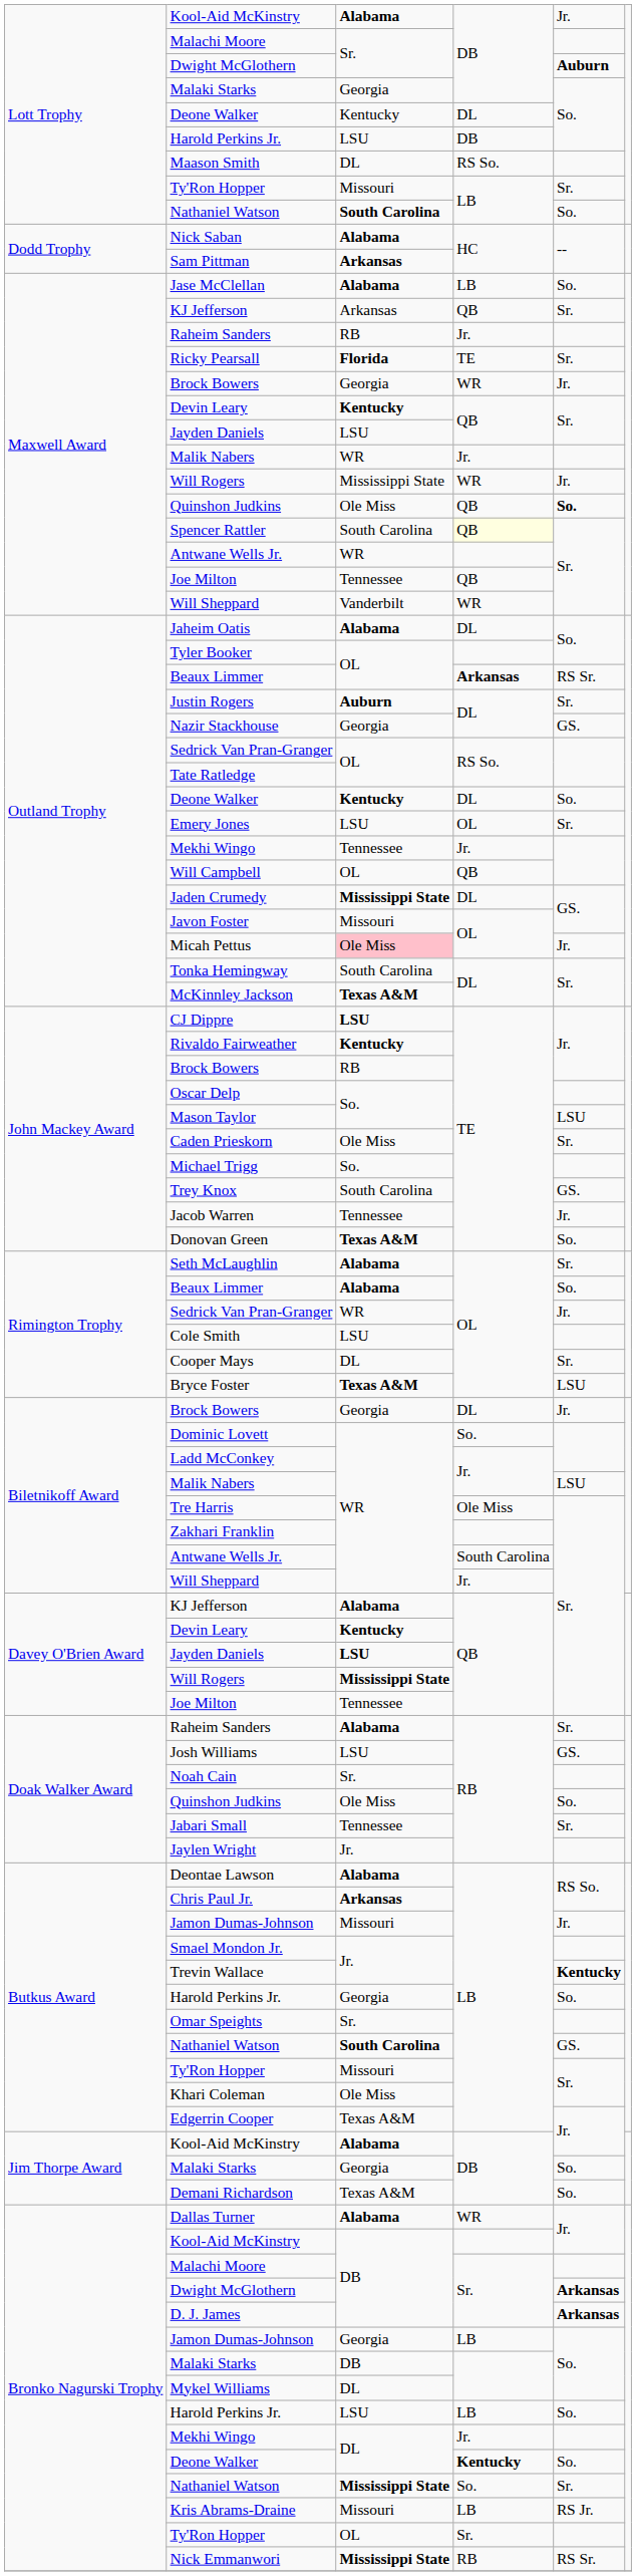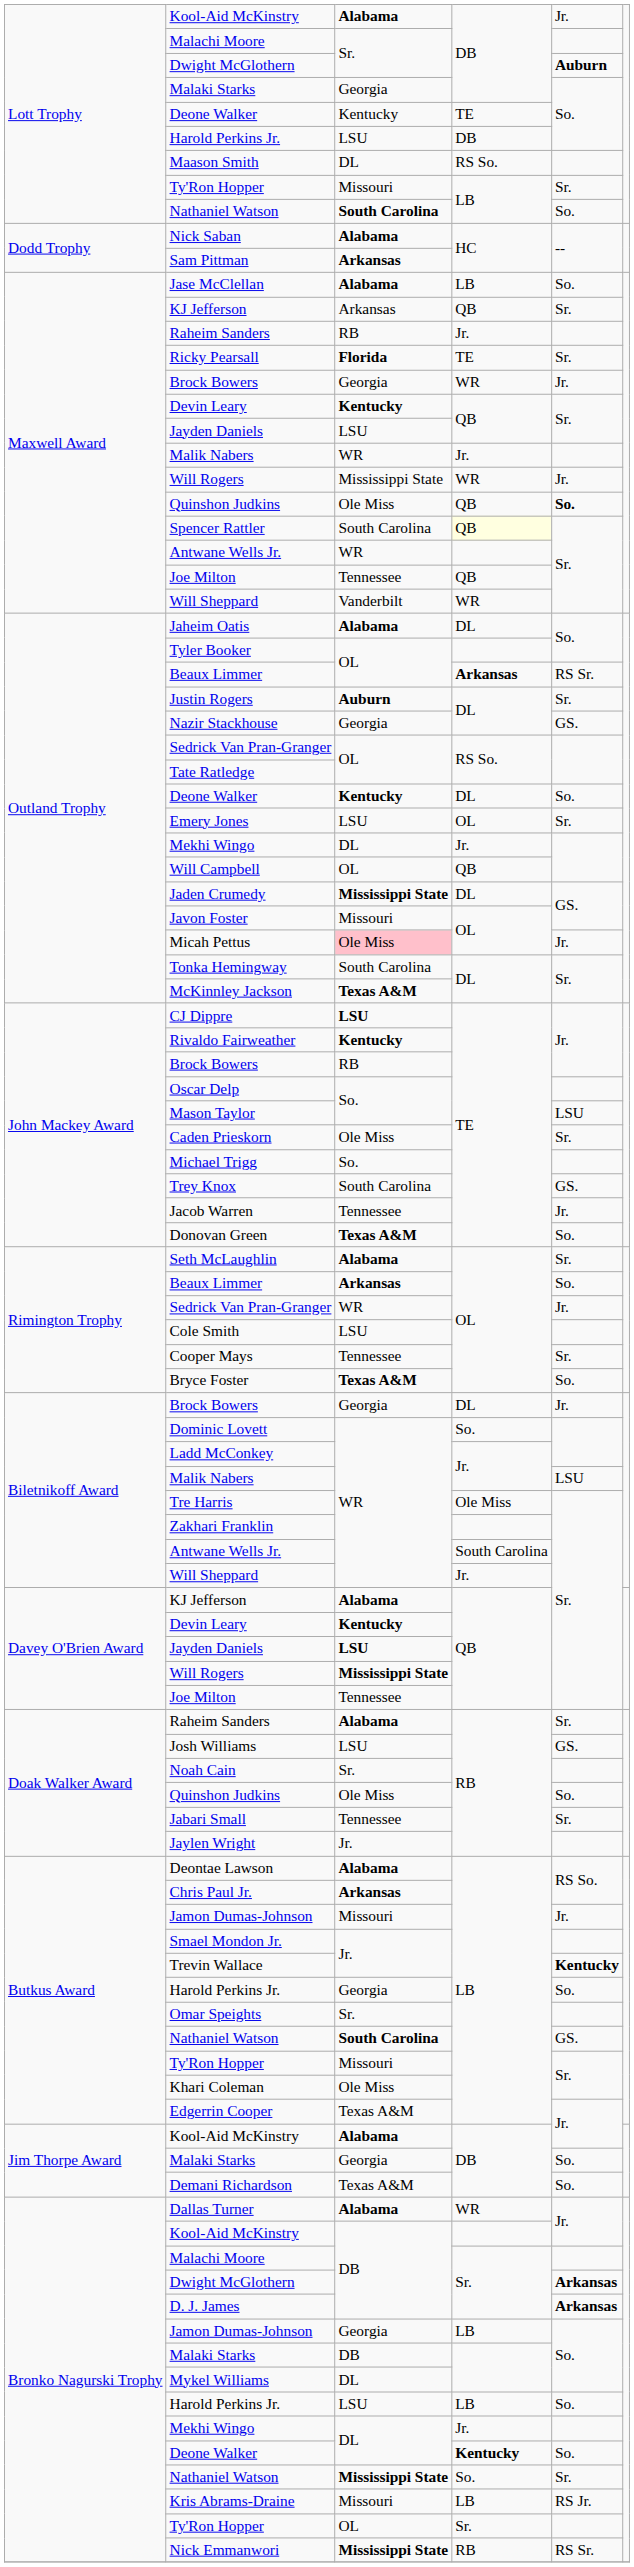 <table class="wikitable">
 <tr>
 <td rowspan=9><a href='#'>Lott Trophy</a></td>
 <td><a href='#'>Kool-Aid McKinstry</a></td>
 <td><strong>Alabama</strong></td>
 <td rowspan=4>DB</td>
 <td>Jr.</td>
 <td rowspan=9></td>
 </tr>
 <tr>
 <td><a href='#'>Malachi Moore</a></td>
 <td rowspan=2>Sr.</td>
 </tr>
 <tr>
 <td><a href='#'>Dwight McGlothern</a></td>
 <td><strong>Auburn</strong></td>
 </tr>
 <tr>
 <td><a href='#'>Malaki Starks</a></td>
 <td>Georgia</td>
 <td rowspan=3>So.</td>
 </tr>
 <tr>
 <td><a href='#'>Deone Walker</a></td>
 <td>Kentucky</td>
-<td>DL</td>
+<td>TE</td>
 </tr>
 <tr>
 <td><a href='#'>Harold Perkins Jr.</a></td>
 <td>LSU</td>
 <td>DB</td>
 </tr>
 <tr>
 <td><a href='#'>Maason Smith</a></td>
 <td>DL</td>
 <td>RS So.</td>
 </tr>
 <tr>
 <td><a href='#'>Ty'Ron Hopper</a></td>
 <td>Missouri</td>
 <td rowspan=2>LB</td>
 <td>Sr.</td>
 </tr>
 <tr>
 <td><a href='#'>Nathaniel Watson</a></td>
 <td><strong>South Carolina</strong></td>
 <td>So.</td>
 </tr>
 <tr>
 <td rowspan=2><a href='#'>Dodd Trophy</a></td>
 <td><a href='#'>Nick Saban</a></td>
 <td><strong>Alabama</strong></td>
 <td rowspan=2>HC</td>
 <td rowspan=2>--</td>
 <td rowspan=2></td>
 </tr>
 <tr>
 <td><a href='#'>Sam Pittman</a></td>
 <td><strong>Arkansas</strong></td>
 </tr>
 <tr>
 <td rowspan=14><a href='#'>Maxwell Award</a></td>
 <td><a href='#'>Jase McClellan</a></td>
 <td><strong>Alabama</strong></td>
 <td>LB</td>
 <td>So.</td>
 <td rowspan=14></td>
 </tr>
 <tr>
 <td><a href='#'>KJ Jefferson</a></td>
 <td>Arkansas</td>
 <td>QB</td>
 <td>Sr.</td>
 </tr>
 <tr>
 <td><a href='#'>Raheim Sanders</a></td>
 <td>RB</td>
 <td>Jr.</td>
 </tr>
 <tr>
 <td><a href='#'>Ricky Pearsall</a></td>
 <td><strong>Florida</strong></td>
 <td>TE</td>
 <td>Sr.</td>
 </tr>
 <tr>
 <td><a href='#'>Brock Bowers</a></td>
 <td>Georgia</td>
 <td>WR</td>
 <td>Jr.</td>
 </tr>
 <tr>
 <td><a href='#'>Devin Leary</a></td>
 <td><strong>Kentucky</strong></td>
 <td rowspan=2>QB</td>
 <td rowspan=2>Sr.</td>
 </tr>
 <tr>
 <td><a href='#'>Jayden Daniels</a></td>
 <td>LSU</td>
 </tr>
 <tr>
 <td><a href='#'>Malik Nabers</a></td>
 <td>WR</td>
 <td>Jr.</td>
 </tr>
 <tr>
 <td><a href='#'>Will Rogers</a></td>
 <td>Mississippi State</td>
 <td>WR</td>
 <td>Jr.</td>
 </tr>
 <tr>
 <td><a href='#'>Quinshon Judkins</a></td>
 <td>Ole Miss</td>
 <td>QB</td>
 <td><strong>So.</strong></td>
 </tr>
 <tr>
 <td><a href='#'>Spencer Rattler</a></td>
 <td>South Carolina</td>
 <td style="background: lightyellow;">QB</td>
 <td rowspan=4>Sr.</td>
 </tr>
 <tr>
 <td><a href='#'>Antwane Wells Jr.</a></td>
 <td>WR</td>
 </tr>
 <tr>
 <td><a href='#'>Joe Milton</a></td>
 <td>Tennessee</td>
 <td>QB</td>
 </tr>
 <tr>
 <td><a href='#'>Will Sheppard</a></td>
 <td>Vanderbilt</td>
 <td>WR</td>
 </tr>
 <tr>
 <td rowspan=16><a href='#'>Outland Trophy</a></td>
 <td><a href='#'>Jaheim Oatis</a></td>
 <td><strong>Alabama</strong></td>
 <td>DL</td>
 <td rowspan=2>So.</td>
 <td rowspan=16></td>
 </tr>
 <tr>
 <td><a href='#'>Tyler Booker</a></td>
 <td rowspan=2>OL</td>
 </tr>
 <tr>
 <td><a href='#'>Beaux Limmer</a></td>
 <td><strong>Arkansas</strong></td>
 <td>RS Sr.</td>
 </tr>
 <tr>
 <td><a href='#'>Justin Rogers</a></td>
 <td><strong>Auburn</strong></td>
 <td rowspan=2>DL</td>
 <td>Sr.</td>
 </tr>
 <tr>
 <td><a href='#'>Nazir Stackhouse</a></td>
 <td>Georgia</td>
 <td>GS.</td>
 </tr>
 <tr>
 <td><a href='#'>Sedrick Van Pran-Granger</a></td>
 <td rowspan=2>OL</td>
 <td rowspan=2>RS So.</td>
 </tr>
 <tr>
 <td><a href='#'>Tate Ratledge</a></td>
 </tr>
 <tr>
 <td><a href='#'>Deone Walker</a></td>
 <td><strong>Kentucky</strong></td>
 <td>DL</td>
 <td>So.</td>
 </tr>
 <tr>
 <td><a href='#'>Emery Jones</a></td>
 <td>LSU</td>
 <td>OL</td>
 <td>Sr.</td>
 </tr>
 <tr>
 <td><a href='#'>Mekhi Wingo</a></td>
-<td>Tennessee</td>
+<td>DL</td>
 <td>Jr.</td>
 </tr>
 <tr>
 <td><a href='#'>Will Campbell</a></td>
 <td>OL</td>
 <td>QB</td>
 </tr>
 <tr>
 <td><a href='#'>Jaden Crumedy</a></td>
 <td><strong>Mississippi State</strong></td>
 <td>DL</td>
 <td rowspan=2>GS.</td>
 </tr>
 <tr>
 <td><a href='#'>Javon Foster</a></td>
 <td>Missouri</td>
 <td rowspan=2>OL</td>
 </tr>
 <tr>
 <td>Micah Pettus</td>
 <td style="background: pink;">Ole Miss</td>
 <td>Jr.</td>
 </tr>
 <tr>
 <td><a href='#'>Tonka Hemingway</a></td>
 <td>South Carolina</td>
 <td rowspan=2>DL</td>
 <td rowspan=2>Sr.</td>
 </tr>
 <tr>
 <td><a href='#'>McKinnley Jackson</a></td>
 <td><strong>Texas A&M</strong></td>
 </tr>
 <tr>
 <td rowspan=10><a href='#'>John Mackey Award</a></td>
 <td><a href='#'>CJ Dippre</a></td>
 <td><strong>LSU</strong></td>
 <td rowspan=10>TE</td>
 <td rowspan=3>Jr.</td>
 <td rowspan=10></td>
 </tr>
 <tr>
 <td><a href='#'>Rivaldo Fairweather</a></td>
 <td><strong>Kentucky</strong></td>
 </tr>
 <tr>
 <td><a href='#'>Brock Bowers</a></td>
 <td>RB</td>
 </tr>
 <tr>
 <td><a href='#'>Oscar Delp</a></td>
 <td rowspan=2>So.</td>
 </tr>
 <tr>
 <td><a href='#'>Mason Taylor</a></td>
 <td>LSU</td>
 </tr>
 <tr>
 <td><a href='#'>Caden Prieskorn</a></td>
 <td>Ole Miss</td>
 <td>Sr.</td>
 </tr>
 <tr>
 <td><a href='#'>Michael Trigg</a></td>
 <td>So.</td>
 </tr>
 <tr>
 <td><a href='#'>Trey Knox</a></td>
 <td>South Carolina</td>
 <td>GS.</td>
 </tr>
 <tr>
 <td>Jacob Warren</td>
 <td>Tennessee</td>
 <td>Jr.</td>
 </tr>
 <tr>
 <td>Donovan Green</td>
 <td><strong>Texas A&M</strong></td>
 <td>So.</td>
 </tr>
 <tr>
 <td rowspan=6><a href='#'>Rimington Trophy</a></td>
 <td><a href='#'>Seth McLaughlin</a></td>
 <td><strong>Alabama</strong></td>
 <td rowspan=6>OL</td>
 <td>Sr.</td>
 <td rowspan=6></td>
 </tr>
 <tr>
 <td><a href='#'>Beaux Limmer</a></td>
-<td><strong>Alabama</strong></td>
+<td><strong>Arkansas</strong></td>
 <td>So.</td>
 </tr>
 <tr>
 <td><a href='#'>Sedrick Van Pran-Granger</a></td>
 <td>WR</td>
 <td>Jr.</td>
 </tr>
 <tr>
 <td>Cole Smith</td>
 <td>LSU</td>
 </tr>
 <tr>
 <td>Cooper Mays</td>
-<td>DL</td>
+<td>Tennessee</td>
 <td>Sr.</td>
 </tr>
 <tr>
 <td>Bryce Foster</td>
 <td><strong>Texas A&M</strong></td>
-<td>LSU</td>
+<td>So.</td>
 </tr>
 <tr>
 <td rowspan=8><a href='#'>Biletnikoff Award</a></td>
 <td><a href='#'>Brock Bowers</a></td>
 <td>Georgia</td>
 <td>DL</td>
 <td>Jr.</td>
 <td rowspan=8></td>
 </tr>
 <tr>
 <td><a href='#'>Dominic Lovett</a></td>
 <td rowspan=7>WR</td>
 <td>So.</td>
 </tr>
 <tr>
 <td><a href='#'>Ladd McConkey</a></td>
 <td rowspan=2>Jr.</td>
 </tr>
 <tr>
 <td><a href='#'>Malik Nabers</a></td>
 <td>LSU</td>
 </tr>
 <tr>
 <td><a href='#'>Tre Harris</a></td>
 <td>Ole Miss</td>
 <td rowspan=9>Sr.</td>
 </tr>
 <tr>
 <td><a href='#'>Zakhari Franklin</a></td>
 </tr>
 <tr>
 <td><a href='#'>Antwane Wells Jr.</a></td>
 <td>South Carolina</td>
 </tr>
 <tr>
 <td><a href='#'>Will Sheppard</a></td>
 <td>Jr.</td>
 </tr>
 <tr>
 <td rowspan=5><a href='#'>Davey O'Brien Award</a></td>
 <td>KJ Jefferson</td>
 <td><strong>Alabama</strong></td>
 <td rowspan=5>QB</td>
 <td rowspan=5></td>
 </tr>
 <tr>
 <td><a href='#'>Devin Leary</a></td>
 <td><strong>Kentucky</strong></td>
 </tr>
 <tr>
 <td><a href='#'>Jayden Daniels</a></td>
 <td><strong>LSU</strong></td>
 </tr>
 <tr>
 <td><a href='#'>Will Rogers</a></td>
 <td><strong>Mississippi State</strong></td>
 </tr>
 <tr>
 <td><a href='#'>Joe Milton</a></td>
 <td>Tennessee</td>
 </tr>
 <tr>
 <td rowspan=6><a href='#'>Doak Walker Award</a></td>
 <td>Raheim Sanders</td>
 <td><strong>Alabama</strong></td>
 <td rowspan=6>RB</td>
 <td>Sr.</td>
 <td rowspan=6></td>
 </tr>
 <tr>
 <td>Josh Williams</td>
 <td>LSU</td>
 <td>GS.</td>
 </tr>
 <tr>
 <td><a href='#'>Noah Cain</a></td>
 <td>Sr.</td>
 </tr>
 <tr>
 <td><a href='#'>Quinshon Judkins</a></td>
 <td>Ole Miss</td>
 <td>So.</td>
 </tr>
 <tr>
 <td><a href='#'>Jabari Small</a></td>
 <td>Tennessee</td>
 <td>Sr.</td>
 </tr>
 <tr>
 <td><a href='#'>Jaylen Wright</a></td>
 <td>Jr.</td>
 </tr>
 <tr>
 <td rowspan=11><a href='#'>Butkus Award</a></td>
 <td>Deontae Lawson</td>
 <td><strong>Alabama</strong></td>
 <td rowspan=11>LB</td>
 <td rowspan=2>RS So.</td>
 <td rowspan=11></td>
 </tr>
 <tr>
 <td><a href='#'>Chris Paul Jr.</a></td>
 <td><strong>Arkansas</strong></td>
 </tr>
 <tr>
 <td><a href='#'>Jamon Dumas-Johnson</a></td>
 <td>Missouri</td>
 <td>Jr.</td>
 </tr>
 <tr>
 <td><a href='#'>Smael Mondon Jr.</a></td>
 <td rowspan=2>Jr.</td>
 </tr>
 <tr>
 <td>Trevin Wallace</td>
 <td><strong>Kentucky</strong></td>
 </tr>
 <tr>
 <td>Harold Perkins Jr.</td>
 <td>Georgia</td>
 <td>So.</td>
 </tr>
 <tr>
 <td><a href='#'>Omar Speights</a></td>
 <td>Sr.</td>
 </tr>
 <tr>
 <td><a href='#'>Nathaniel Watson</a></td>
 <td><strong>South Carolina</strong></td>
 <td>GS.</td>
 </tr>
 <tr>
 <td><a href='#'>Ty'Ron Hopper</a></td>
 <td>Missouri</td>
 <td rowspan=2>Sr.</td>
 </tr>
 <tr>
 <td>Khari Coleman</td>
 <td>Ole Miss</td>
 </tr>
 <tr>
 <td><a href='#'>Edgerrin Cooper</a></td>
 <td>Texas A&M</td>
 <td rowspan=2>Jr.</td>
 </tr>
 <tr>
 <td rowspan=3><a href='#'>Jim Thorpe Award</a></td>
 <td>Kool-Aid McKinstry</td>
 <td><strong>Alabama</strong></td>
 <td rowspan=3>DB</td>
 <td rowspan=3></td>
 </tr>
 <tr>
 <td><a href='#'>Malaki Starks</a></td>
 <td>Georgia</td>
 <td>So.</td>
 </tr>
 <tr>
 <td><a href='#'>Demani Richardson</a></td>
 <td>Texas A&M</td>
 <td>So.</td>
 </tr>
 <tr>
 <td rowspan=15><a href='#'>Bronko Nagurski Trophy</a></td>
 <td><a href='#'>Dallas Turner</a></td>
 <td><strong>Alabama</strong></td>
 <td>WR</td>
 <td rowspan=2>Jr.</td>
 <td rowspan=15></td>
 </tr>
 <tr>
 <td><a href='#'>Kool-Aid McKinstry</a></td>
 <td rowspan=4>DB</td>
 </tr>
 <tr>
 <td><a href='#'>Malachi Moore</a></td>
 <td rowspan=3>Sr.</td>
 </tr>
 <tr>
 <td><a href='#'>Dwight McGlothern</a></td>
 <td><strong>Arkansas</strong></td>
 </tr>
 <tr>
 <td><a href='#'>D. J. James</a></td>
 <td><strong>Arkansas</strong></td>
 </tr>
 <tr>
 <td><a href='#'>Jamon Dumas-Johnson</a></td>
 <td>Georgia</td>
 <td>LB</td>
 <td rowspan=3>So.</td>
 </tr>
 <tr>
 <td><a href='#'>Malaki Starks</a></td>
 <td>DB</td>
 </tr>
 <tr>
 <td><a href='#'>Mykel Williams</a></td>
 <td>DL</td>
 </tr>
 <tr>
 <td>Harold Perkins Jr.</td>
 <td>LSU</td>
 <td>LB</td>
 <td>So.</td>
 </tr>
 <tr>
 <td><a href='#'>Mekhi Wingo</a></td>
 <td rowspan=2>DL</td>
 <td>Jr.</td>
 </tr>
 <tr>
 <td><a href='#'>Deone Walker</a></td>
 <td><strong>Kentucky</strong></td>
 <td>So.</td>
 </tr>
 <tr>
 <td><a href='#'>Nathaniel Watson</a></td>
 <td><strong>Mississippi State</strong></td>
 <td>So.</td>
 <td>Sr.</td>
 </tr>
 <tr>
 <td><a href='#'>Kris Abrams-Draine</a></td>
 <td>Missouri</td>
 <td>LB</td>
 <td>RS Jr.</td>
 </tr>
 <tr>
 <td><a href='#'>Ty'Ron Hopper</a></td>
 <td>OL</td>
 <td>Sr.</td>
 </tr>
 <tr>
 <td><a href='#'>Nick Emmanwori</a></td>
 <td><strong>Mississippi State</strong></td>
 <td>RB</td>
 <td>RS Sr.</td>
 </tr>
 <tr>
 </tr>
 </table>
